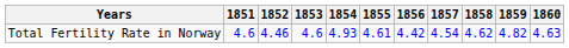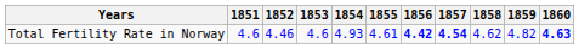 <table class="wikitable " style="text-align:right">
 <tr>
 <th>Years</th>
 <th>1851</th>
 <th>1852</th>
 <th>1853</th>
 <th>1854</th>
 <th>1855</th>
 <th>1856</th>
 <th>1857</th>
 <th>1858</th>
 <th>1859</th>
 <th>1860</th>
 </tr>
 <tr>
 <td align="left">Total Fertility Rate in Norway</td>
 <td style="text-align:right; color:blue;">4.6</td>
 <td style="text-align:right; color:blue;">4.46</td>
 <td style="text-align:right; color:blue;">4.6</td>
 <td style="text-align:right; color:blue;">4.93</td>
 <td style="text-align:right; color:blue;">4.61</td>
-<td style="text-align:right; color:blue;">4.42</td>
-<td style="text-align:right; color:blue;">4.54</td>
+<td style="text-align:right; color:blue;"><strong>4.42</strong></td>
+<td style="text-align:right; color:blue;"><strong>4.54</strong></td>
 <td style="text-align:right; color:blue;">4.62</td>
 <td style="text-align:right; color:blue;">4.82</td>
-<td style="text-align:right; color:blue;">4.63</td>
+<td style="text-align:right; color:blue;"><strong>4.63</strong></td>
 </tr>
 </table>
